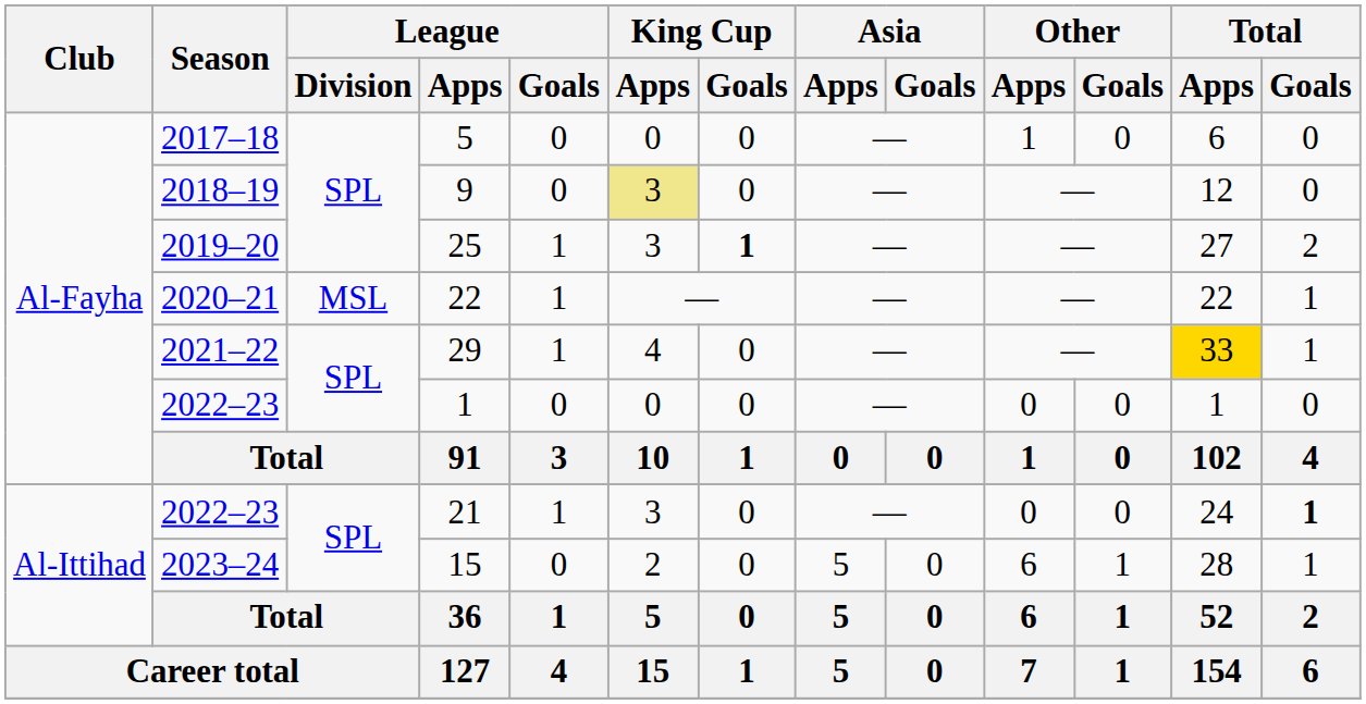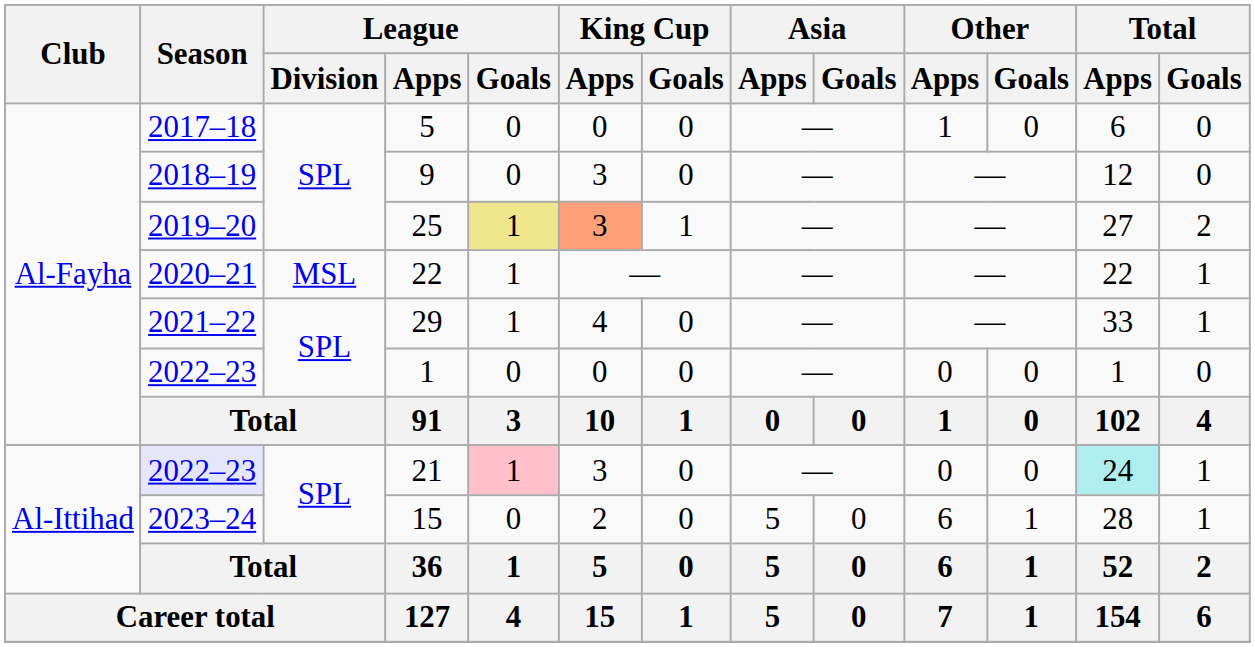 <table class="wikitable" style="text-align: center">
 <tr>
 <th rowspan=2>Club</th>
 <th rowspan=2>Season</th>
 <th colspan=3>League</th>
 <th colspan=2>King Cup</th>
 <th colspan=2>Asia</th>
 <th colspan=2>Other</th>
 <th colspan=2>Total</th>
 </tr>
 <tr>
 <th>Division</th>
 <th>Apps</th>
 <th>Goals</th>
 <th>Apps</th>
 <th>Goals</th>
 <th>Apps</th>
 <th>Goals</th>
 <th>Apps</th>
 <th>Goals</th>
 <th>Apps</th>
 <th>Goals</th>
 </tr>
 <tr>
 <td rowspan=7><a href='#'>Al-Fayha</a></td>
 <td><a href='#'>2017–18</a></td>
 <td rowspan=3><a href='#'>SPL</a></td>
 <td>5</td>
 <td>0</td>
 <td>0</td>
 <td>0</td>
 <td colspan=2>—</td>
 <td>1</td>
 <td>0</td>
 <td>6</td>
 <td>0</td>
 </tr>
 <tr>
 <td><a href='#'>2018–19</a></td>
 <td>9</td>
 <td>0</td>
-<td style="background: khaki;">3</td>
+<td>3</td>
 <td>0</td>
 <td colspan=2>—</td>
 <td colspan=2>—</td>
 <td>12</td>
 <td>0</td>
 </tr>
 <tr>
 <td><a href='#'>2019–20</a></td>
 <td>25</td>
+<td style="background: khaki;">1</td>
+<td style="background: lightsalmon;">3</td>
 <td>1</td>
-<td>3</td>
-<td><strong>1</strong></td>
 <td colspan=2>—</td>
 <td colspan=2>—</td>
 <td>27</td>
 <td>2</td>
 </tr>
 <tr>
 <td><a href='#'>2020–21</a></td>
 <td><a href='#'>MSL</a></td>
 <td>22</td>
 <td>1</td>
 <td colspan=2>—</td>
 <td colspan=2>—</td>
 <td colspan=2>—</td>
 <td>22</td>
 <td>1</td>
 </tr>
 <tr>
 <td><a href='#'>2021–22</a></td>
 <td rowspan=2><a href='#'>SPL</a></td>
 <td>29</td>
 <td>1</td>
 <td>4</td>
 <td>0</td>
 <td colspan=2>—</td>
 <td colspan=2>—</td>
-<td style="background: gold;">33</td>
+<td>33</td>
 <td>1</td>
 </tr>
 <tr>
 <td><a href='#'>2022–23</a></td>
 <td>1</td>
 <td>0</td>
 <td>0</td>
 <td>0</td>
 <td colspan=2>—</td>
 <td>0</td>
 <td>0</td>
 <td>1</td>
 <td>0</td>
 </tr>
 <tr>
 <th colspan="2">Total</th>
 <th>91</th>
 <th>3</th>
 <th>10</th>
 <th>1</th>
 <th>0</th>
 <th>0</th>
 <th>1</th>
 <th>0</th>
 <th>102</th>
 <th>4</th>
 </tr>
 <tr>
 <td rowspan=3><a href='#'>Al-Ittihad</a></td>
-<td><a href='#'>2022–23</a></td>
+<td style="background: lavender;"><a href='#'>2022–23</a></td>
 <td rowspan=2><a href='#'>SPL</a></td>
 <td>21</td>
-<td>1</td>
+<td style="background: pink;">1</td>
 <td>3</td>
 <td>0</td>
 <td colspan=2>—</td>
 <td>0</td>
 <td>0</td>
-<td>24</td>
-<td><strong>1</strong></td>
+<td style="background: paleturquoise;">24</td>
+<td>1</td>
 </tr>
 <tr>
 <td><a href='#'>2023–24</a></td>
 <td>15</td>
 <td>0</td>
 <td>2</td>
 <td>0</td>
 <td>5</td>
 <td>0</td>
 <td>6</td>
 <td>1</td>
 <td>28</td>
 <td>1</td>
 </tr>
 <tr>
 <th colspan="2">Total</th>
 <th>36</th>
 <th>1</th>
 <th>5</th>
 <th>0</th>
 <th>5</th>
 <th>0</th>
 <th>6</th>
 <th>1</th>
 <th>52</th>
 <th>2</th>
 </tr>
 <tr>
 <th colspan=3>Career total</th>
 <th>127</th>
 <th>4</th>
 <th>15</th>
 <th>1</th>
 <th>5</th>
 <th>0</th>
 <th>7</th>
 <th>1</th>
 <th>154</th>
 <th>6</th>
 </tr>
 <tr>
 </tr>
 </table>
